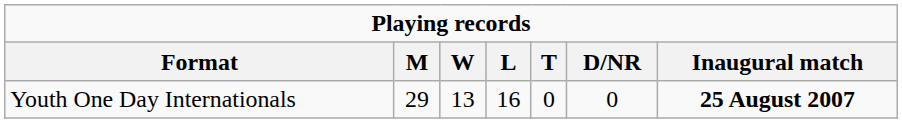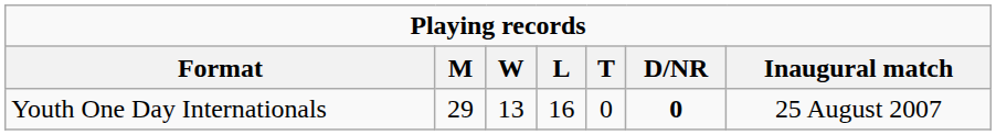 <table class="wikitable" style="text-align: center; width: 600px">
 <tr>
 <td colspan="8" align="center"><strong>Playing records</strong></td>
 </tr>
 <tr>
 <th>Format</th>
 <th>M</th>
 <th>W</th>
 <th>L</th>
 <th>T</th>
 <th>D/NR</th>
 <th>Inaugural match</th>
 </tr>
 <tr>
 <td align="left">Youth One Day Internationals</td>
 <td>29</td>
 <td>13</td>
 <td>16</td>
 <td>0</td>
-<td>0</td>
-<td><strong>25 August 2007</strong></td>
+<td><strong>0</strong></td>
+<td>25 August 2007</td>
 </tr>
 </table>
